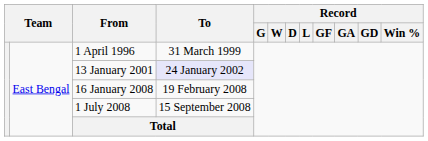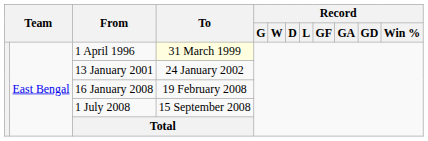 <table class="wikitable" style="text-align: center">
 <tr>
 <th rowspan="2" colspan="2">Team</th>
 <th rowspan="2">From</th>
 <th rowspan="2">To</th>
 <th colspan="8">Record</th>
 </tr>
 <tr>
 <th>G</th>
 <th>W</th>
 <th>D</th>
 <th>L</th>
 <th>GF</th>
 <th>GA</th>
 <th>GD</th>
 <th>Win %</th>
 </tr>
 <tr>
 <th rowspan=5></th>
 <td rowspan=5 align=left><a href='#'>East Bengal</a></td>
 <td align=left>1 April 1996</td>
-<td algin=left>31 March 1999<br></td>
+<td algin=left style="background: lightyellow;">31 March 1999<br></td>
 </tr>
 <tr>
 <td align=left>13 January 2001</td>
-<td algin=left style="background: lavender;">24 January 2002<br></td>
+<td algin=left>24 January 2002<br></td>
 </tr>
 <tr>
 <td align=left>16 January 2008</td>
 <td algin=left>19 February 2008<br></td>
 </tr>
 <tr>
 <td align=left>1 July 2008</td>
 <td algin=left>15 September 2008<br></td>
 </tr>
 <tr>
 <th colspan=2>Total<br></th>
 </tr>
 </table>
